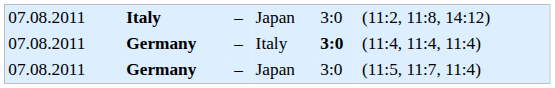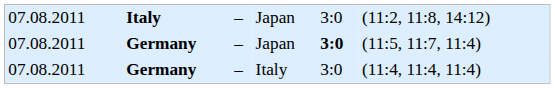 <table style="background:#; border:1px #bbb solid;" cellpadding="3" cellspacing="0" width="40%">
 <tr style="background:#DDEEFF;">
 <td>07.08.2011</td>
 <td><strong>Italy</strong></td>
 <td>–</td>
 <td>Japan</td>
 <td>3:0</td>
 <td>(11:2, 11:8, 14:12)</td>
 </tr>
 <tr style="background:#DDEEFF;">
 <td>07.08.2011</td>
 <td><strong>Germany</strong></td>
 <td>–</td>
-<td>Italy</td>
+<td>Japan</td>
 <td><strong>3:0</strong></td>
-<td>(11:4, 11:4, 11:4)</td>
+<td>(11:5, 11:7, 11:4)</td>
 </tr>
 <tr style="background:#DDEEFF;">
 <td>07.08.2011</td>
 <td><strong>Germany</strong></td>
 <td>–</td>
-<td>Japan</td>
+<td>Italy</td>
 <td>3:0</td>
-<td>(11:5, 11:7, 11:4)</td>
+<td>(11:4, 11:4, 11:4)</td>
 </tr>
 </table>
